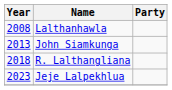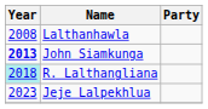 <table class="wikitable sortable">
 <tr>
 <th>Year</th>
 <th>Name</th>
 <th colspan=2>Party</th>
 </tr>
 <tr>
 <td><a href='#'>2008</a></td>
 <td><a href='#'>Lalthanhawla</a></td>
 <td></td>
 </tr>
 <tr>
-<td><a href='#'>2013</a></td>
+<td><strong><a href='#'>2013</a></strong></td>
 <td><a href='#'>John Siamkunga</a></td>
 </tr>
 <tr>
-<td><a href='#'>2018</a></td>
+<td style="background: paleturquoise;"><a href='#'>2018</a></td>
 <td><a href='#'>R. Lalthangliana</a></td>
 <td></td>
 </tr>
 <tr>
 <td><a href='#'>2023</a></td>
 <td><a href='#'>Jeje Lalpekhlua</a></td>
 <td></td>
 </tr>
 <tr>
 </tr>
 </table>
